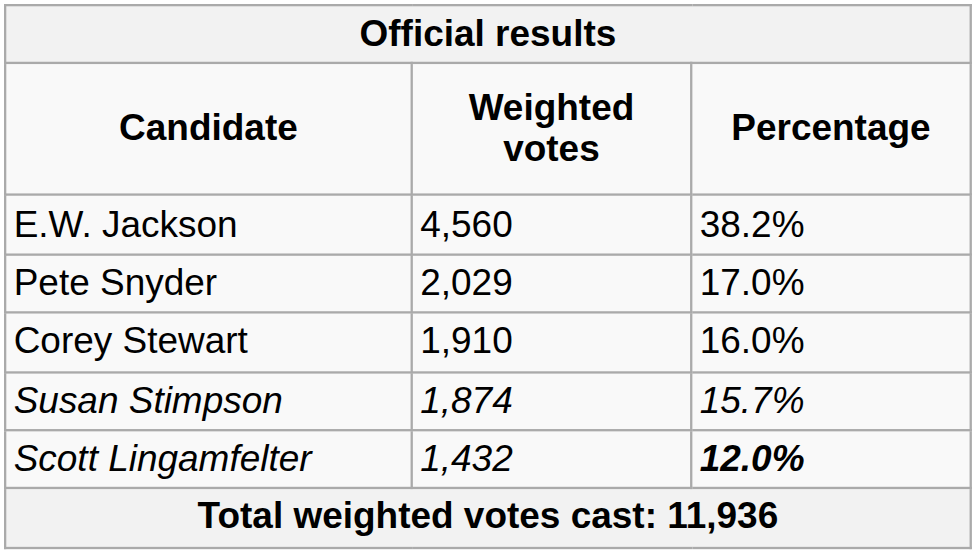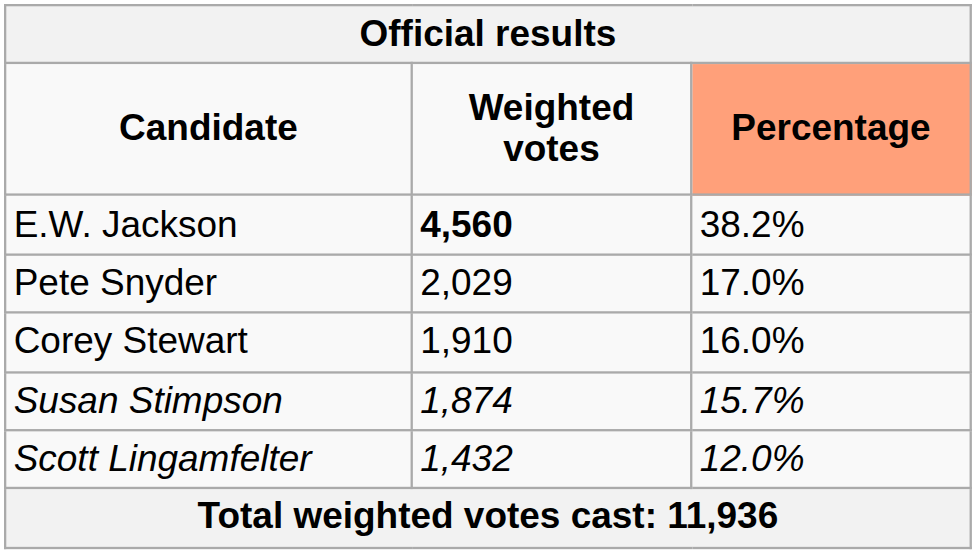 <table class="wikitable">
 <tr>
 <th colspan="3"><strong>Official results</strong></th>
 </tr>
 <tr>
 <td style="padding:10px; text-align:center; width:155px;"><strong>Candidate</strong></td>
 <td style="padding:10px; text-align:center; width:100px;"><strong>Weighted votes</strong></td>
-<td style="padding:10px; text-align:center; width:100px;"><strong>Percentage</strong><br></td>
+<td style="background: lightsalmon; padding:10px; text-align:center; width:100px;"><strong>Percentage</strong><br></td>
 </tr>
 <tr>
 <td>E.W. Jackson</td>
-<td>4,560</td>
+<td><strong>4,560</strong></td>
 <td>38.2%</td>
 </tr>
 <tr>
 <td>Pete Snyder</td>
 <td>2,029</td>
 <td>17.0%</td>
 </tr>
 <tr>
 <td>Corey Stewart</td>
 <td>1,910</td>
 <td>16.0%</td>
 </tr>
 <tr>
 <td><em>Susan Stimpson</em></td>
 <td><em>1,874</em></td>
 <td><em>15.7%</em></td>
 </tr>
 <tr>
 <td><em>Scott Lingamfelter</em></td>
 <td><em>1,432</em></td>
-<td><strong><em>12.0%</em></strong></td>
+<td><em>12.0%</em></td>
 </tr>
 <tr>
 <th colspan="3">Total weighted votes cast: 11,936</th>
 </tr>
 </table>
